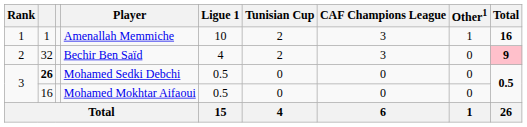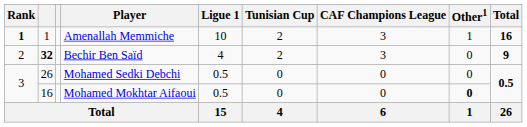 <table class="wikitable" style="text-align:center;">
 <tr>
 <th>Rank</th>
 <th></th>
 <th></th>
 <th>Player</th>
 <th>Ligue 1</th>
 <th>Tunisian Cup</th>
 <th>CAF Champions League</th>
 <th>Other<sup>1</sup></th>
 <th>Total</th>
 </tr>
 <tr>
-<td>1</td>
+<td><strong>1</strong></td>
 <td>1</td>
 <td></td>
 <td align=left><a href='#'>Amenallah Memmiche</a></td>
 <td>10</td>
 <td>2</td>
 <td>3</td>
 <td>1</td>
 <td><strong>16</strong></td>
 </tr>
 <tr>
 <td>2</td>
-<td>32</td>
+<td><strong>32</strong></td>
 <td></td>
 <td align=left><a href='#'>Bechir Ben Saïd</a></td>
 <td>4</td>
 <td>2</td>
 <td>3</td>
 <td>0</td>
-<td style="background: pink;"><strong>9</strong></td>
+<td><strong>9</strong></td>
 </tr>
 <tr>
 <td rowspan=2>3</td>
-<td><strong>26</strong></td>
+<td>26</td>
 <td></td>
 <td align=left><a href='#'>Mohamed Sedki Debchi</a></td>
 <td>0.5</td>
 <td>0</td>
 <td>0</td>
 <td>0</td>
 <td rowspan=2><strong>0.5</strong></td>
 </tr>
 <tr>
 <td>16</td>
 <td></td>
 <td align=left><a href='#'>Mohamed Mokhtar Aifaoui</a></td>
 <td>0.5</td>
 <td>0</td>
 <td>0</td>
-<td>0</td>
+<td><strong>0</strong></td>
 </tr>
 <tr>
 <th colspan=4>Total</th>
 <th>15</th>
 <th>4</th>
 <th>6</th>
 <th>1</th>
 <th>26</th>
 </tr>
 </table>
